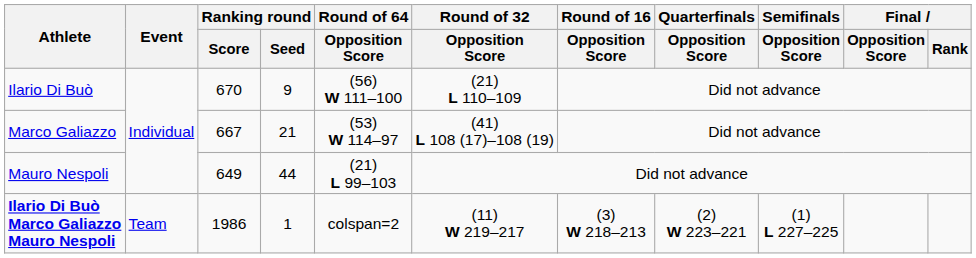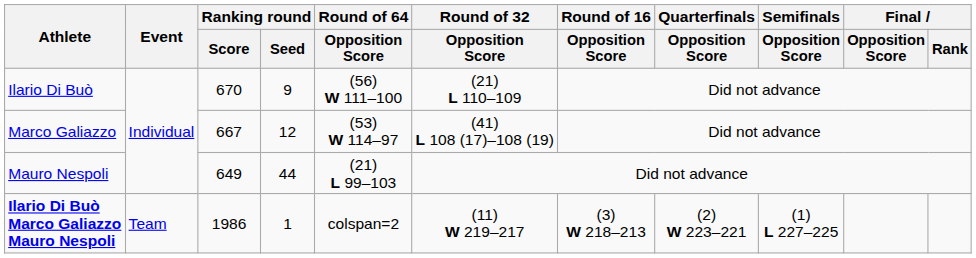 <table class="wikitable" style="font-size:90%">
 <tr>
 <th rowspan="2">Athlete</th>
 <th rowspan="2">Event</th>
 <th colspan="2">Ranking round</th>
 <th>Round of 64</th>
 <th>Round of 32</th>
 <th>Round of 16</th>
 <th>Quarterfinals</th>
 <th>Semifinals</th>
 <th colspan="2">Final / </th>
 </tr>
 <tr style="font-size:95%">
 <th>Score</th>
 <th>Seed</th>
 <th>Opposition<br>Score</th>
 <th>Opposition<br>Score</th>
 <th>Opposition<br>Score</th>
 <th>Opposition<br>Score</th>
 <th>Opposition<br>Score</th>
 <th>Opposition<br>Score</th>
 <th>Rank</th>
 </tr>
 <tr align=center>
 <td align=left><a href='#'>Ilario Di Buò</a></td>
 <td align=left rowspan=3><a href='#'>Individual</a></td>
 <td>670</td>
 <td>9</td>
 <td> (56)<br><strong>W</strong> 111–100</td>
 <td> (21)<br><strong>L</strong> 110–109</td>
 <td colspan=5>Did not advance</td>
 </tr>
 <tr align=center>
 <td align=left><a href='#'>Marco Galiazzo</a></td>
 <td>667</td>
-<td>21</td>
+<td>12</td>
 <td> (53)<br><strong>W</strong> 114–97</td>
 <td> (41)<br><strong>L</strong> 108 (17)–108 (19)</td>
 <td colspan=5>Did not advance</td>
 </tr>
 <tr align=center>
 <td align=left><a href='#'>Mauro Nespoli</a></td>
 <td>649</td>
 <td>44</td>
 <td> (21)<br><strong>L</strong> 99–103</td>
 <td colspan=6>Did not advance</td>
 </tr>
 <tr align=center>
 <td align=left><strong><a href='#'>Ilario Di Buò</a><br><a href='#'>Marco Galiazzo</a><br><a href='#'>Mauro Nespoli</a></strong></td>
 <td align=left><a href='#'>Team</a></td>
 <td>1986</td>
 <td>1</td>
 <td>colspan=2 </td>
 <td> (11)<br><strong>W</strong> 219–217</td>
 <td> (3)<br><strong>W</strong> 218–213</td>
 <td> (2)<br><strong>W</strong> 223–221</td>
 <td> (1)<br><strong>L</strong> 227–225</td>
 <td></td>
 </tr>
 </table>
